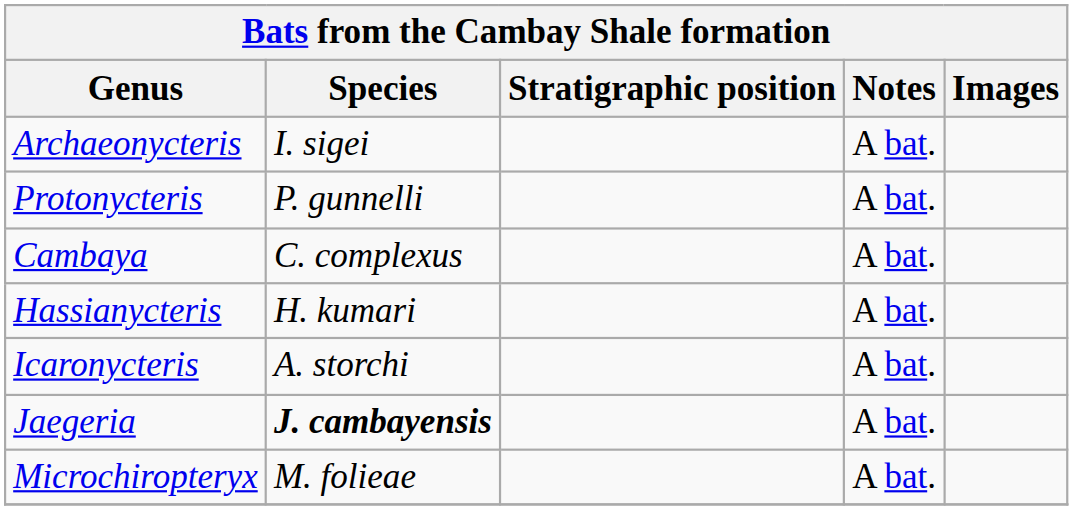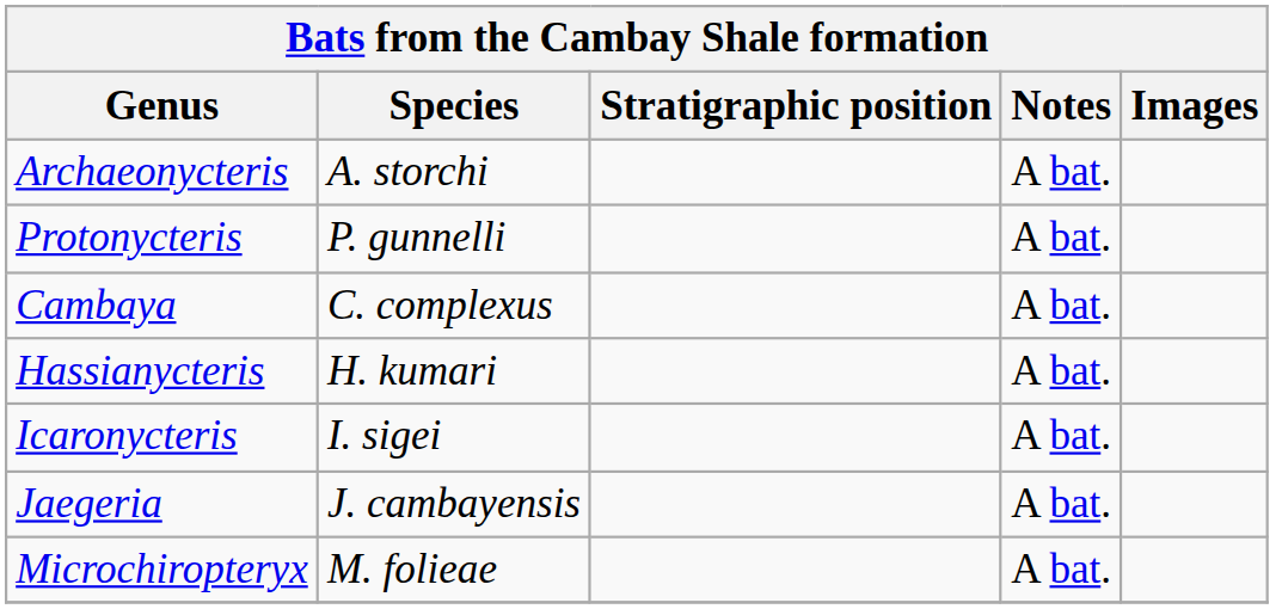 <table class="wikitable" align="center">
 <tr>
 <th colspan="7" align="center"><strong><a href='#'>Bats</a> from the Cambay Shale formation</strong></th>
 </tr>
 <tr>
 <th>Genus</th>
 <th>Species</th>
 <th>Stratigraphic position</th>
 <th>Notes</th>
 <th>Images</th>
 </tr>
 <tr>
 <td><em><a href='#'>Archaeonycteris</a></em></td>
-<td><em>  I. sigei</em></td>
+<td><em>  A. storchi</em></td>
 <td></td>
 <td>A <a href='#'>bat</a>.</td>
 <td></td>
 </tr>
 <tr>
 <td><em><a href='#'>Protonycteris</a></em></td>
 <td><em>  P. gunnelli</em></td>
 <td></td>
 <td>A <a href='#'>bat</a>.</td>
 <td></td>
 </tr>
 <tr>
 <td><em><a href='#'>Cambaya</a></em></td>
 <td><em>  C. complexus</em></td>
 <td></td>
 <td>A <a href='#'>bat</a>.</td>
 <td></td>
 </tr>
 <tr>
 <td><em><a href='#'>Hassianycteris</a></em></td>
 <td><em>  H. kumari</em></td>
 <td></td>
 <td>A <a href='#'>bat</a>.</td>
 <td></td>
 </tr>
 <tr>
 <td><em><a href='#'>Icaronycteris</a></em></td>
-<td><em>  A. storchi</em></td>
+<td><em>  I. sigei</em></td>
 <td></td>
 <td>A <a href='#'>bat</a>.</td>
 <td></td>
 </tr>
 <tr>
 <td><em><a href='#'>Jaegeria</a></em></td>
-<td><strong><em>  J. cambayensis</em></strong></td>
+<td><em>  J. cambayensis</em></td>
 <td></td>
 <td>A <a href='#'>bat</a>.</td>
 <td></td>
 </tr>
 <tr>
 <td><em><a href='#'>Microchiropteryx</a></em></td>
 <td><em>   M. folieae</em></td>
 <td></td>
 <td>A <a href='#'>bat</a>.</td>
 <td></td>
 </tr>
 <tr>
 </tr>
 </table>
